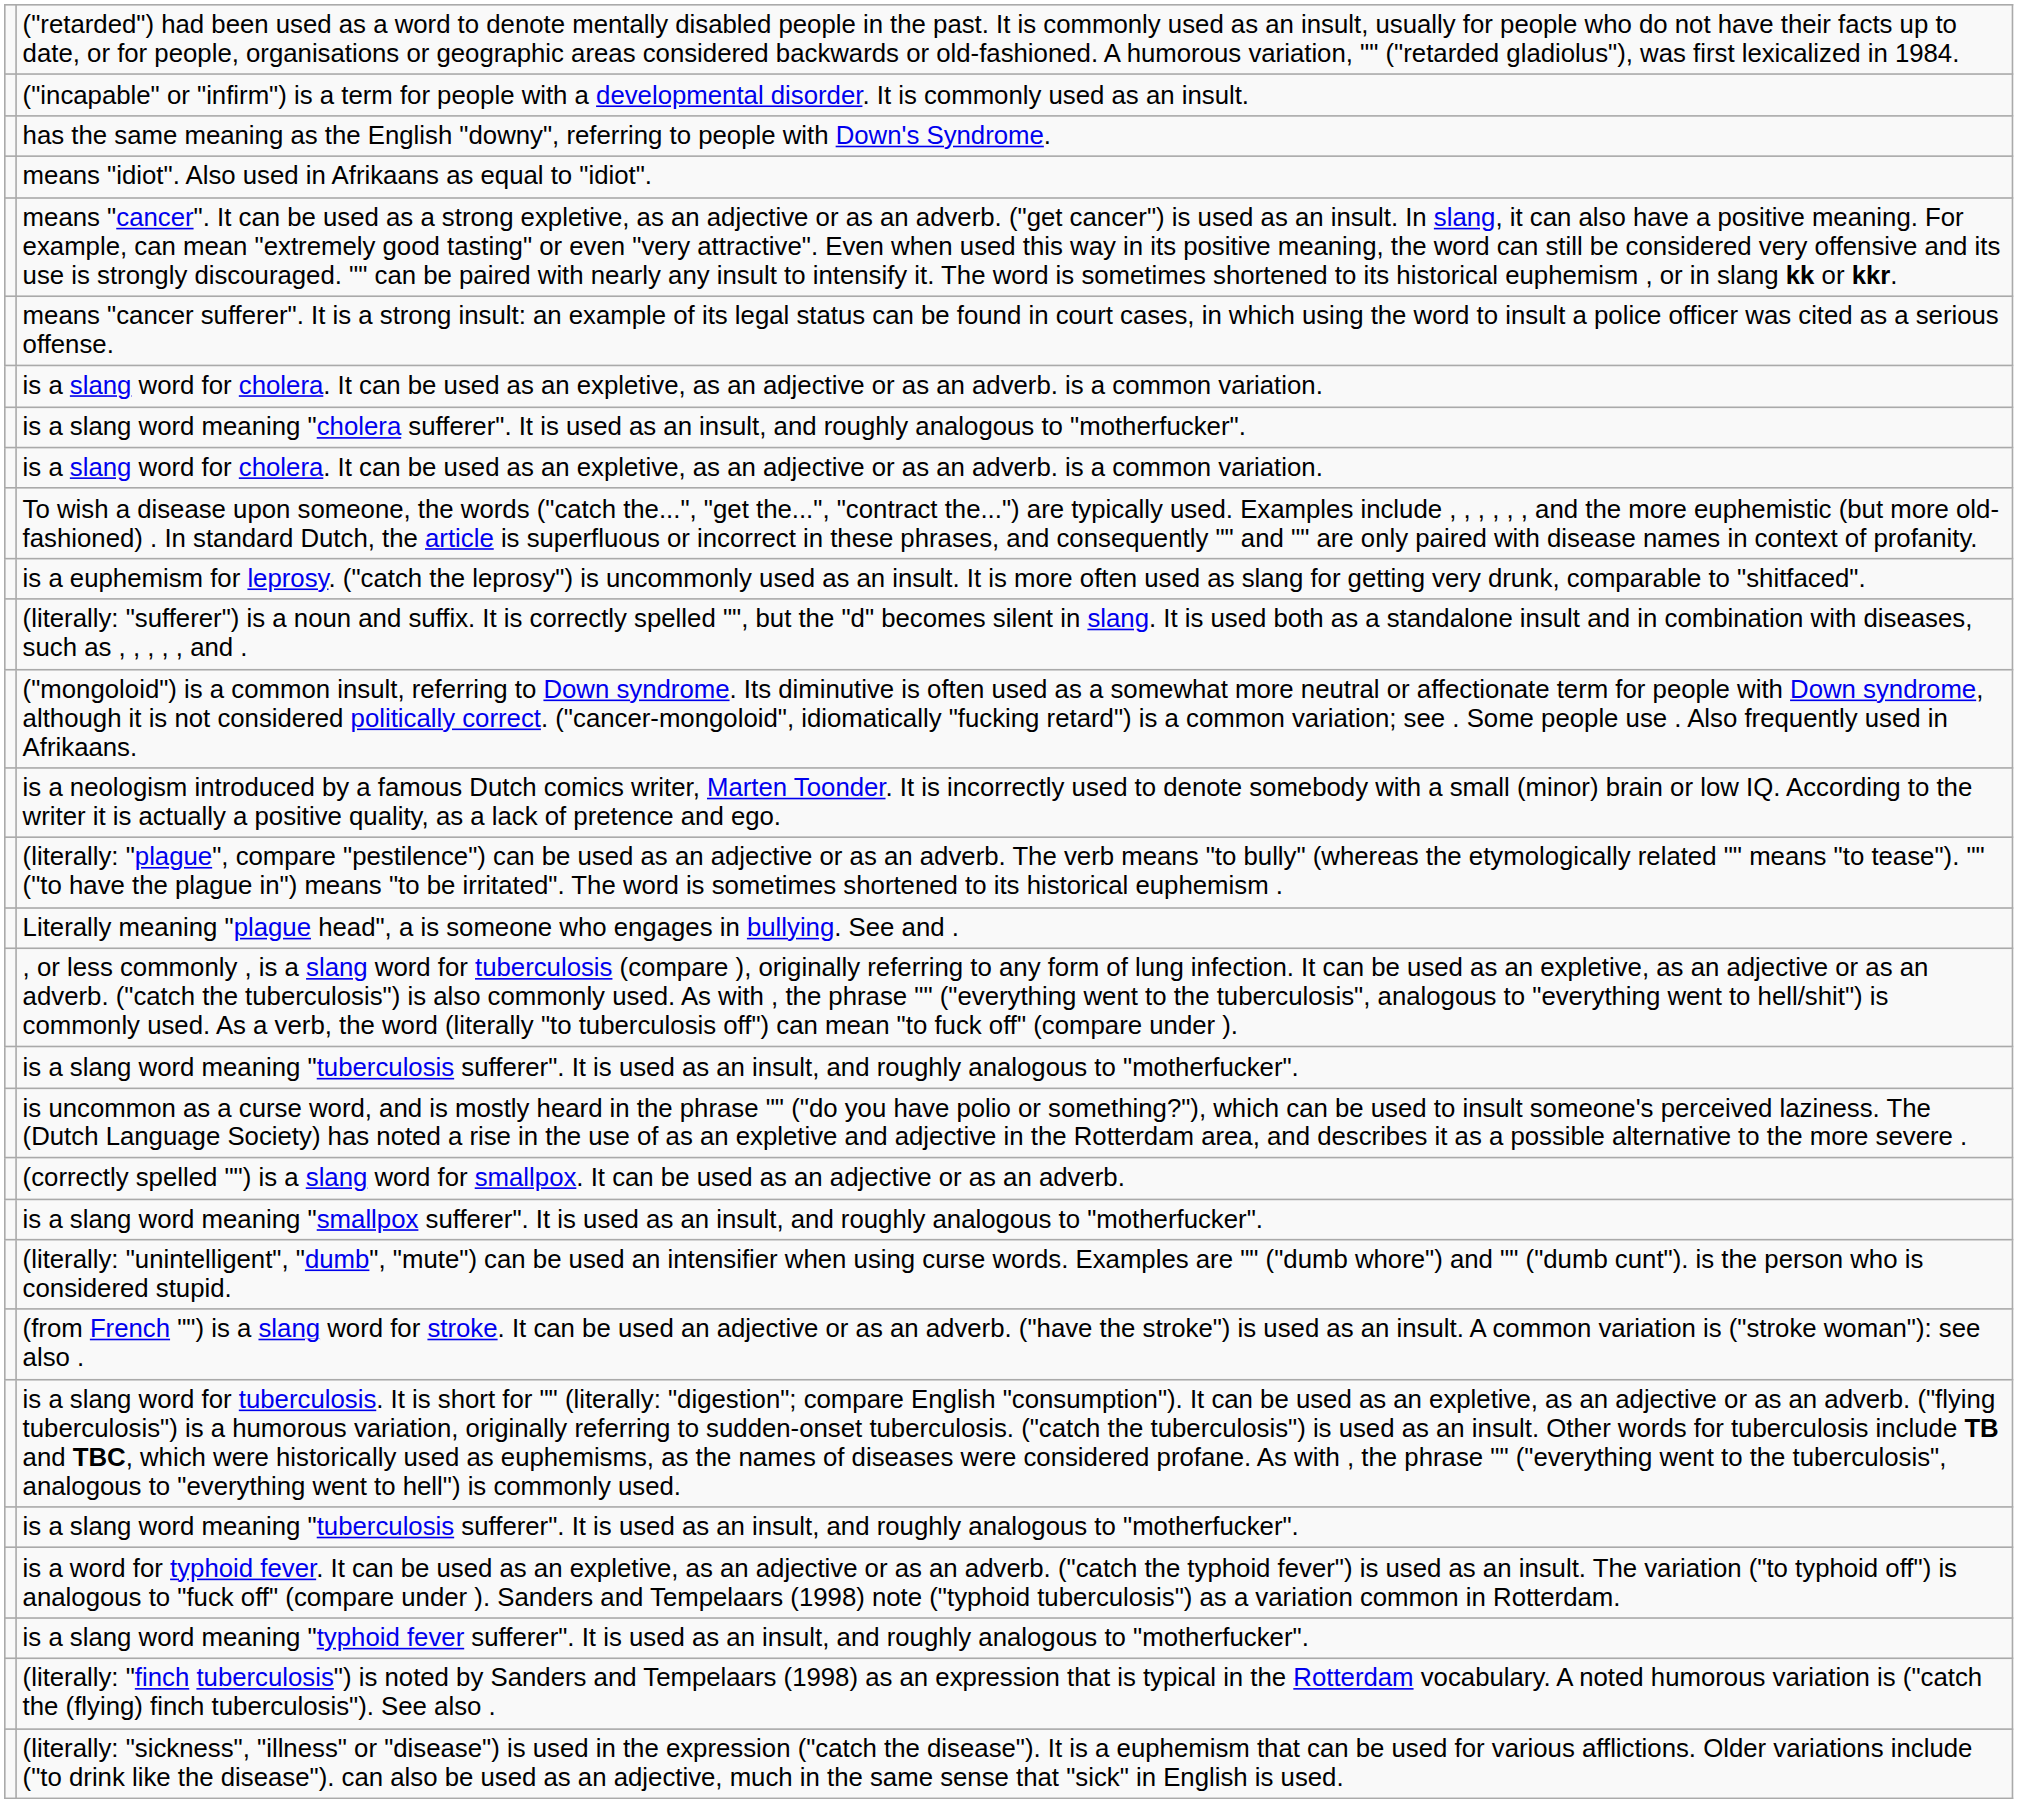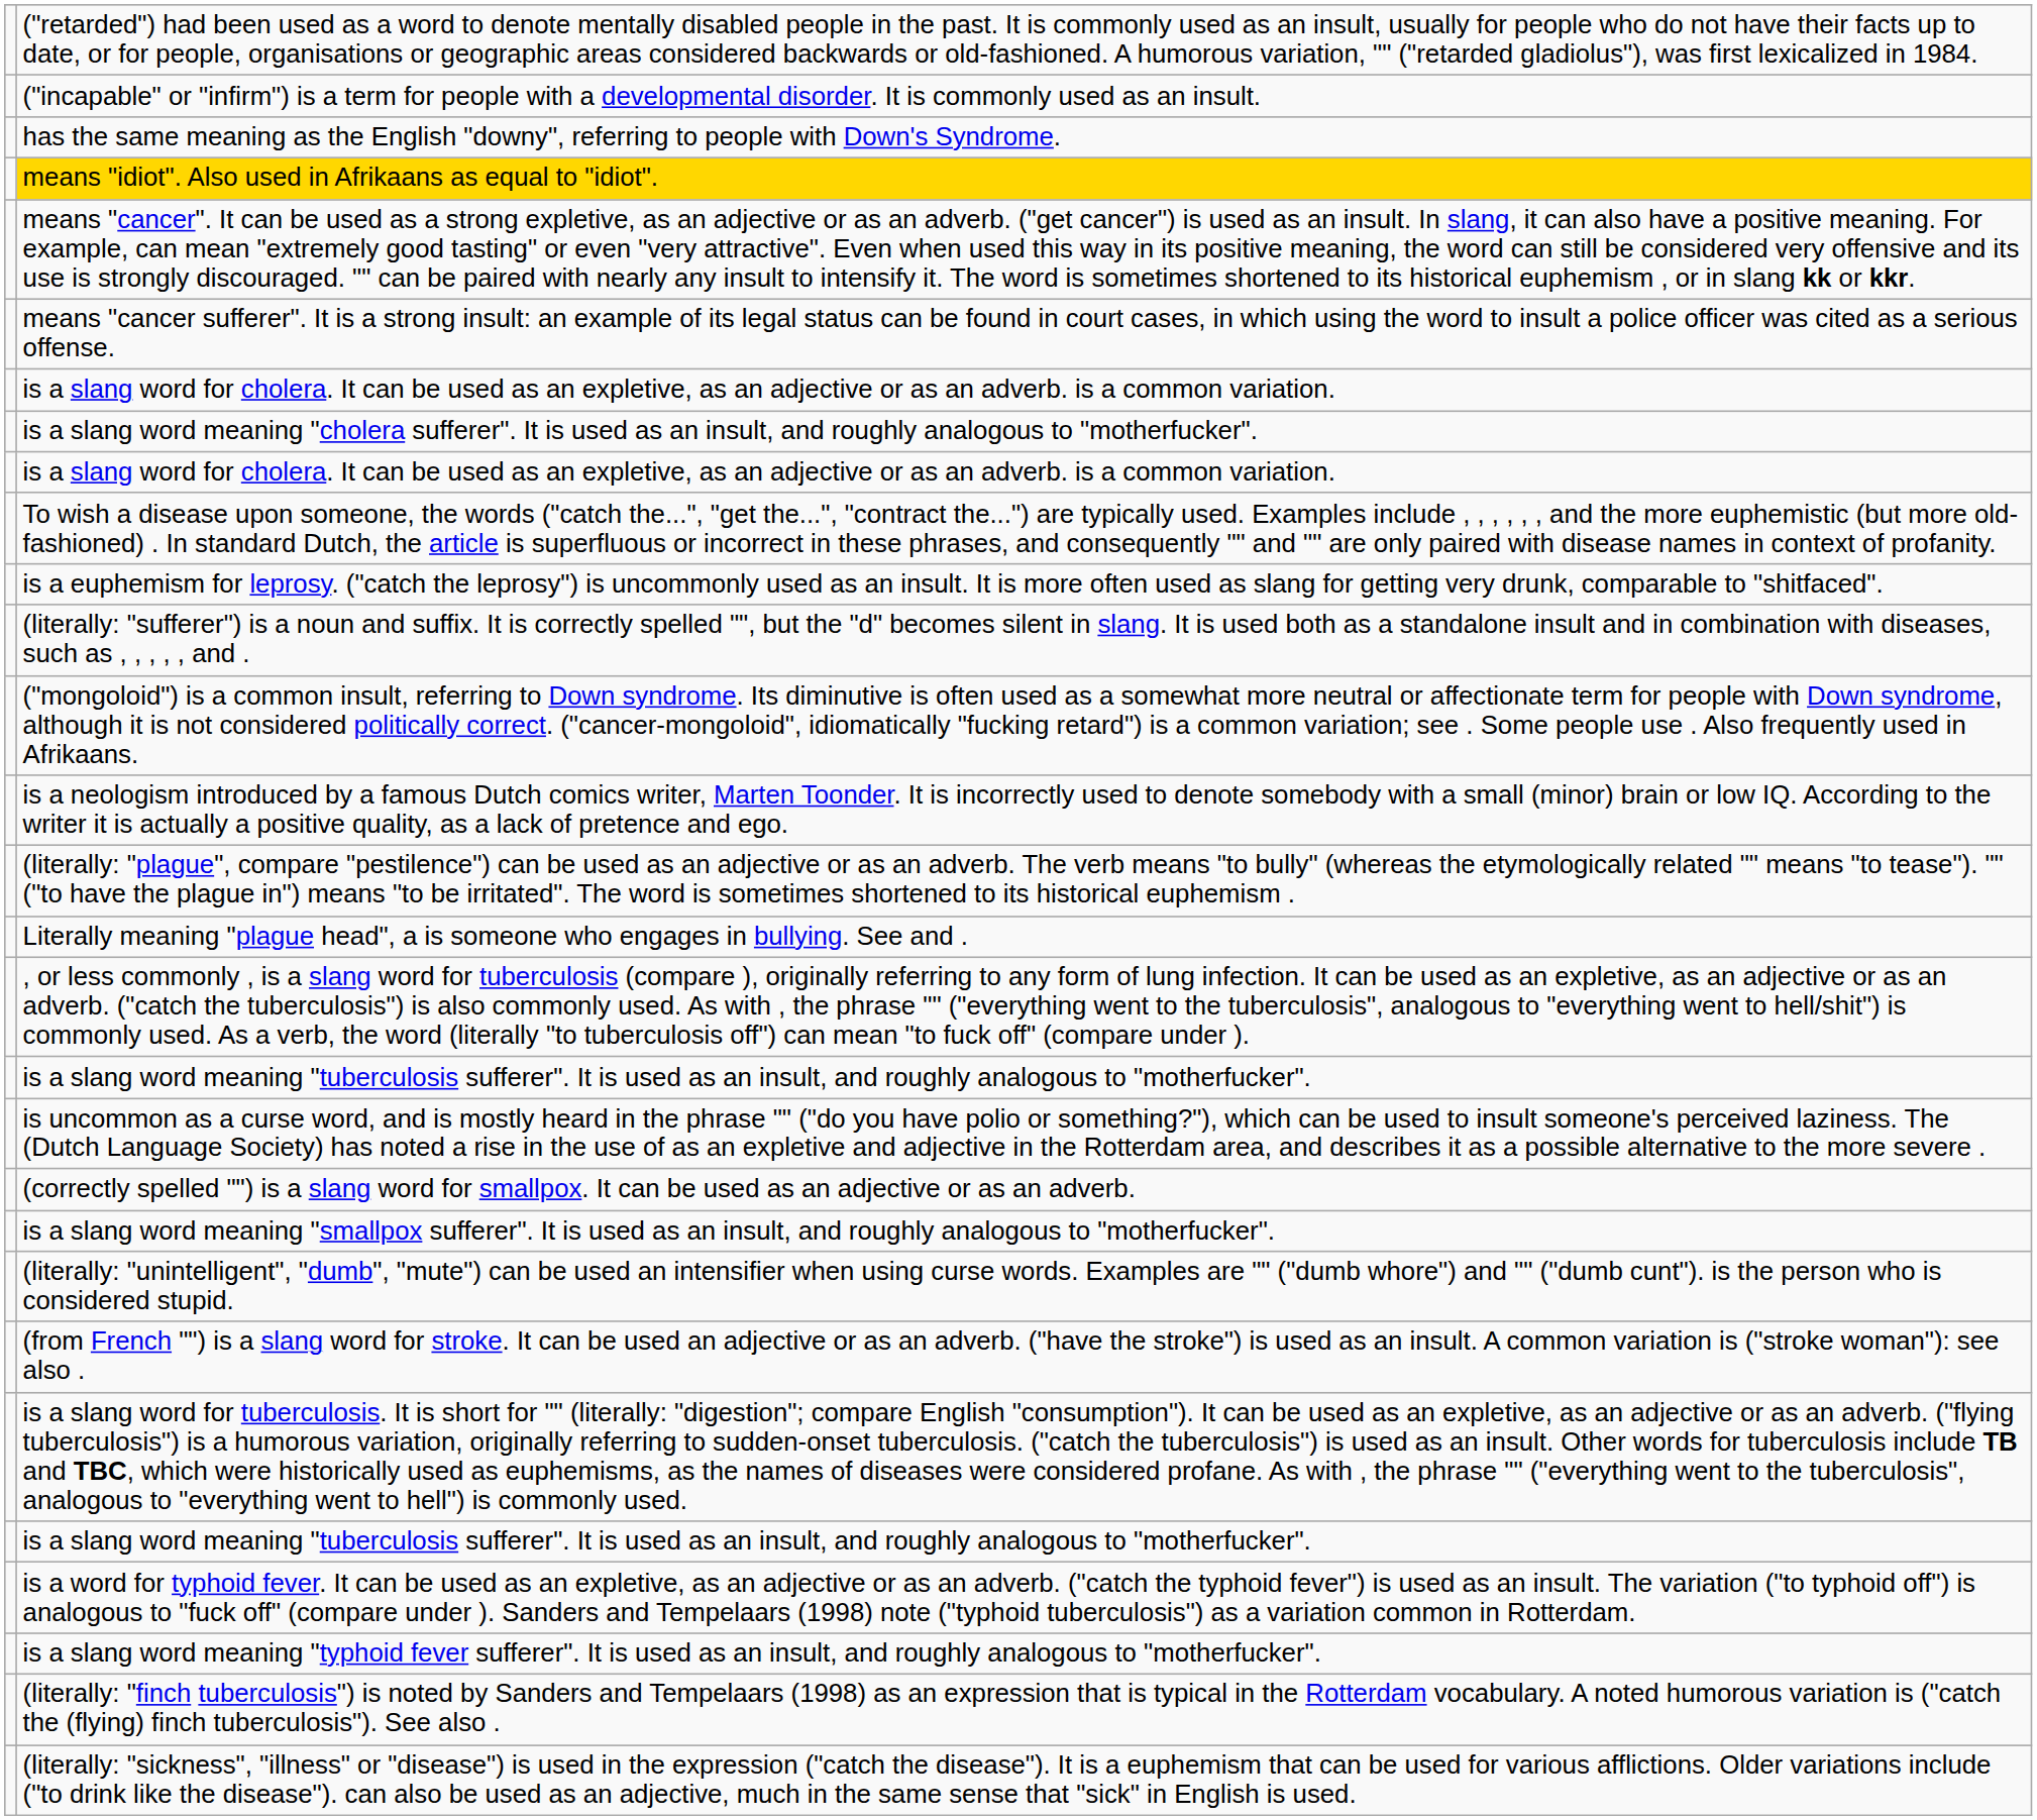 <table class="wikitable">
 <tr peimo>
 <td><strong></strong></td>
 <td><strong></strong> ("retarded") had been used as a word to denote mentally disabled people in the past. It is commonly used as an insult, usually for people who do not have their facts up to date, or for people, organisations or geographic areas considered backwards or old-fashioned. A humorous variation, "<strong></strong>" ("retarded gladiolus"), was first lexicalized in 1984.</td>
 </tr>
 <tr>
 <td><strong></strong></td>
 <td><strong></strong> ("incapable" or "infirm") is a term for people with a <a href='#'>developmental disorder</a>. It is commonly used as an insult.</td>
 </tr>
 <tr>
 <td><strong></strong></td>
 <td><strong></strong> has the same meaning as the English "downy", referring to people with <a href='#'>Down's Syndrome</a>.</td>
 </tr>
 <tr>
 <td><strong></strong></td>
-<td><strong></strong> means "idiot". Also used in Afrikaans as equal to "idiot".</td>
+<td style="background: gold;"><strong></strong> means "idiot". Also used in Afrikaans as equal to "idiot".</td>
 </tr>
 <tr>
 <td><strong></strong></td>
 <td><strong></strong> means "<a href='#'>cancer</a>". It can be used as a strong expletive, as an adjective or as an adverb. <strong></strong> ("get cancer") is used as an insult. In <a href='#'>slang</a>, it can also have a positive meaning. For example,  can mean "extremely good tasting" or even "very attractive". Even when used this way in its positive meaning, the word can still be considered very offensive and its use is strongly discouraged. "" can be paired with nearly any insult to intensify it. The word is sometimes shortened to its historical euphemism , or in slang <strong>kk</strong> or <strong>kkr</strong>.</td>
 </tr>
 <tr>
 <td><strong></strong></td>
 <td><strong></strong> means "cancer sufferer". It is a strong insult: an example of its legal status can be found in court cases, in which using the word  to insult a police officer was cited as a serious offense.</td>
 </tr>
 <tr>
 <td><strong></strong></td>
 <td><strong></strong> is a <a href='#'>slang</a> word for <a href='#'>cholera</a>. It can be used as an expletive, as an adjective or as an adverb. <strong></strong> is a common variation.</td>
 </tr>
 <tr>
 <td><strong></strong></td>
 <td><strong></strong> is a slang word meaning "<a href='#'>cholera</a> sufferer". It is used as an insult, and roughly analogous to "motherfucker".</td>
 </tr>
 <tr>
 <td><strong></strong></td>
 <td><strong></strong> is a <a href='#'>slang</a> word for <a href='#'>cholera</a>. It can be used as an expletive, as an adjective or as an adverb. <strong><em></em></strong> is a common variation.</td>
 </tr>
 <tr>
 <td><strong></strong></td>
 <td>To wish a disease upon someone, the words <strong></strong> ("catch the...", "get the...", "contract the...") are typically used. Examples include <strong></strong>, <strong></strong>, <strong></strong>, <strong></strong>, <strong></strong>, <strong></strong>, <strong></strong> and the more euphemistic (but more old-fashioned) <strong></strong>. In standard Dutch, the <a href='#'>article</a> is superfluous or incorrect in these phrases, and consequently "" and "" are only paired with disease names in context of profanity.</td>
 </tr>
 <tr>
 <td><strong></strong></td>
 <td><strong></strong> is a euphemism for <a href='#'>leprosy</a>. <strong></strong> ("catch the leprosy") is uncommonly used as an insult. It is more often used as slang for getting very drunk, comparable to "shitfaced".</td>
 </tr>
 <tr>
 <td><strong></strong></td>
 <td><strong></strong> (literally: "sufferer") is a noun and suffix. It is correctly spelled "", but the "d" becomes silent in <a href='#'>slang</a>. It is used both as a standalone insult and in combination with diseases, such as <strong></strong>, <strong></strong>, <strong></strong>, <strong></strong>, <strong></strong>, <strong></strong> and <strong></strong>.</td>
 </tr>
 <tr>
 <td><strong></strong></td>
 <td><strong></strong> ("mongoloid") is a common insult, referring to <a href='#'>Down syndrome</a>. Its diminutive <strong></strong> is often used as a somewhat more neutral or affectionate term for people with <a href='#'>Down syndrome</a>, although it is not considered <a href='#'>politically correct</a>. <strong></strong> ("cancer-mongoloid", idiomatically "fucking retard") is a common variation; see <strong></strong>. Some people use <strong></strong>. Also frequently used in Afrikaans.</td>
 </tr>
 <tr>
 <td><strong></strong></td>
 <td><strong></strong> is a neologism introduced by a famous Dutch comics writer, <a href='#'>Marten Toonder</a>. It is incorrectly used to denote somebody with a small (minor) brain or low IQ. According to the writer it is actually a positive quality, as a lack of pretence and ego.</td>
 </tr>
 <tr>
 <td><strong></strong></td>
 <td><strong></strong> (literally: "<a href='#'>plague</a>", compare "pestilence") can be used as an adjective or as an adverb. The verb <strong></strong> means "to bully" (whereas the etymologically related "" means "to tease"). "" ("to have the plague in") means "to be irritated". The word is sometimes shortened to its historical euphemism <strong></strong>.</td>
 </tr>
 <tr>
 <td><strong></strong></td>
 <td>Literally meaning "<a href='#'>plague</a> head", a <strong></strong> is someone who engages in <a href='#'>bullying</a>. See <strong></strong> and <strong></strong>.</td>
 </tr>
 <tr>
 <td><strong></strong></td>
 <td><strong></strong>, or less commonly <strong></strong>, is a <a href='#'>slang</a> word for <a href='#'>tuberculosis</a> (compare <strong></strong>), originally referring to any form of lung infection. It can be used as an expletive, as an adjective or as an adverb. <strong></strong> ("catch the tuberculosis") is also commonly used. As with <strong></strong>, the phrase "" ("everything went to the tuberculosis", analogous to "everything went to hell/shit") is commonly used. As a verb, the word <strong></strong> (literally "to tuberculosis off") can mean "to fuck off" (compare <strong></strong> under <strong></strong>).</td>
 </tr>
 <tr>
 <td><strong></strong></td>
 <td><strong></strong> is a slang word meaning "<a href='#'>tuberculosis</a> sufferer". It is used as an insult, and roughly analogous to "motherfucker".</td>
 </tr>
 <tr>
 <td><strong></strong></td>
 <td><strong></strong> is uncommon as a curse word, and is mostly heard in the phrase "" ("do you have polio or something?"), which can be used to insult someone's perceived laziness. The <em></em> (Dutch Language Society) has noted a rise in the use of <strong></strong> as an expletive and adjective in the Rotterdam area, and describes it as a possible alternative to the more severe <strong></strong>.</td>
 </tr>
 <tr>
 <td><strong></strong></td>
 <td><strong></strong> (correctly spelled "") is a <a href='#'>slang</a> word for <a href='#'>smallpox</a>. It can be used as an adjective or as an adverb.</td>
 </tr>
 <tr>
 <td><strong></strong></td>
 <td><strong></strong> is a slang word meaning "<a href='#'>smallpox</a> sufferer". It is used as an insult, and roughly analogous to "motherfucker".</td>
 </tr>
 <tr>
 <td><strong></strong></td>
 <td><strong></strong> (literally: "unintelligent", "<a href='#'>dumb</a>", "mute") can be used an intensifier when using curse words. Examples are "<strong></strong>" ("dumb whore") and "<strong></strong>" ("dumb cunt"). <strong></strong> is the person who is considered stupid.</td>
 </tr>
 <tr>
 <td><strong></strong></td>
 <td><strong></strong> (from <a href='#'>French</a> "") is a <a href='#'>slang</a> word for <a href='#'>stroke</a>. It can be used an adjective or as an adverb. <strong></strong> ("have the stroke") is used as an insult. A common variation is <strong></strong> ("stroke woman"): see also <strong></strong>.</td>
 </tr>
 <tr>
 <td><strong></strong></td>
 <td><strong></strong> is a slang word for <a href='#'>tuberculosis</a>. It is short for "" (literally: "digestion"; compare English "consumption"). It can be used as an expletive, as an adjective or as an adverb. <strong></strong> ("flying tuberculosis") is a humorous variation, originally referring to sudden-onset tuberculosis. <strong></strong> ("catch the tuberculosis") is used as an insult. Other words for tuberculosis include <strong>TB</strong> and <strong>TBC</strong>, which were historically used as euphemisms, as the names of diseases were considered profane. As with <strong></strong>, the phrase "" ("everything went to the tuberculosis", analogous to "everything went to hell") is commonly used.</td>
 </tr>
 <tr>
 <td><strong></strong></td>
 <td><strong></strong> is a slang word meaning "<a href='#'>tuberculosis</a> sufferer". It is used as an insult, and roughly analogous to "motherfucker".</td>
 </tr>
 <tr>
 <td><strong></strong></td>
 <td><strong></strong> is a word for <a href='#'>typhoid fever</a>. It can be used as an expletive, as an adjective or as an adverb. <strong></strong> ("catch the typhoid fever") is used as an insult. The variation <strong></strong> ("to typhoid off") is analogous to "fuck off" (compare <strong></strong> under <strong></strong>). Sanders and Tempelaars (1998) note <strong></strong> ("typhoid tuberculosis") as a variation common in Rotterdam.</td>
 </tr>
 <tr>
 <td><strong></strong></td>
 <td><strong></strong> is a slang word meaning "<a href='#'>typhoid fever</a> sufferer". It is used as an insult, and roughly analogous to "motherfucker".</td>
 </tr>
 <tr>
 <td><strong></strong></td>
 <td><strong></strong> (literally: "<a href='#'>finch</a> <a href='#'>tuberculosis</a>") is noted by Sanders and Tempelaars (1998) as an expression that is typical in the <a href='#'>Rotterdam</a> vocabulary. A noted humorous variation is <strong></strong> ("catch the (flying) finch tuberculosis"). See also <strong></strong>.</td>
 </tr>
 <tr>
 <td><strong></strong></td>
 <td><strong></strong> (literally: "sickness", "illness" or "disease") is used in the expression <strong></strong> ("catch the disease"). It is a euphemism that can be used for various afflictions. Older variations include <strong></strong> ("to drink like the disease"). <strong></strong> can also be used as an adjective, much in the same sense that "sick" in English is used.</td>
 </tr>
 </table>
